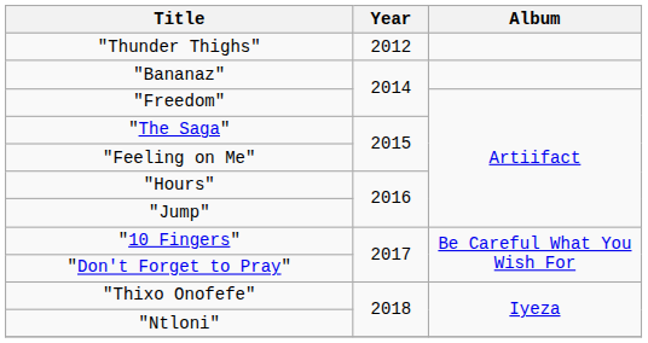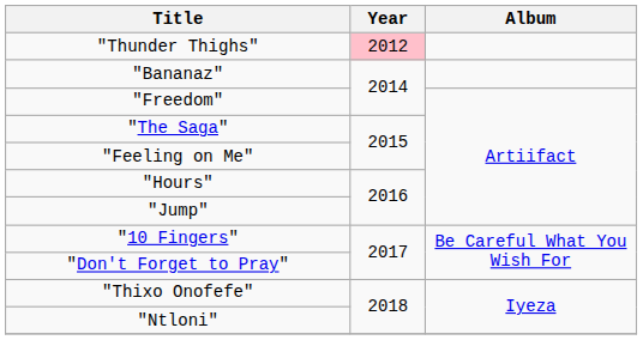 <table class="wikitable plainrowheaders" style="text-align:center;" border="2">
 <tr>
 <th style="width:20em;">Title</th>
 <th style="width:4em;">Year</th>
 <th style="width:12em;">Album</th>
 </tr>
 <tr>
 <td>"Thunder Thighs"</td>
-<td>2012</td>
+<td style="background: pink;">2012</td>
 <td></td>
 </tr>
 <tr>
 <td>"Bananaz" <br> </td>
 <td rowspan="2">2014</td>
 <td></td>
 </tr>
 <tr>
 <td>"Freedom"</td>
 <td rowspan="5"><a href='#'>Artiifact</a></td>
 </tr>
 <tr>
 <td>"<a href='#'>The Saga</a>" <br> </td>
 <td rowspan="2">2015</td>
 </tr>
 <tr>
 <td>"Feeling on Me"</td>
 </tr>
 <tr>
 <td>"Hours"</td>
 <td rowspan="2">2016</td>
 </tr>
 <tr>
 <td>"Jump" <br> </td>
 </tr>
 <tr>
 <td>"<a href='#'>10 Fingers</a>" <br> </td>
 <td rowspan="2">2017</td>
 <td rowspan="2"><a href='#'>Be Careful What You Wish For</a></td>
 </tr>
 <tr>
 <td>"<a href='#'>Don't Forget to Pray</a>" <br> </td>
 </tr>
 <tr>
 <td>"Thixo Onofefe"</td>
 <td rowspan="2">2018</td>
 <td rowspan="2"><a href='#'>Iyeza</a></td>
 </tr>
 <tr>
 <td>"Ntloni"</td>
 </tr>
 <tr>
 </tr>
 </table>
